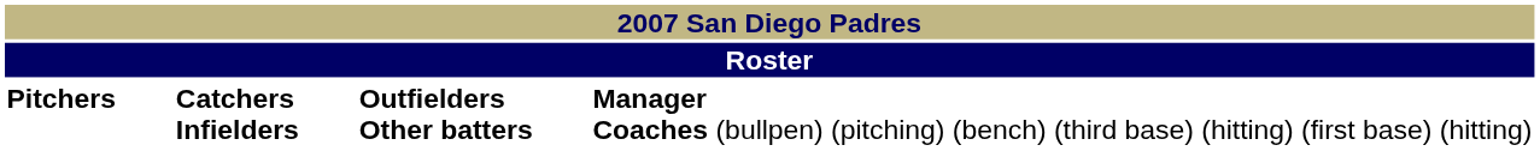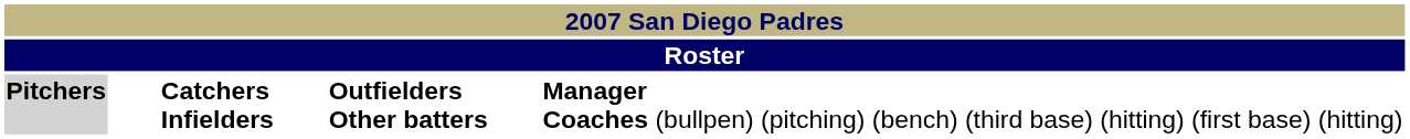 <table class="toccolours" style="font-size: 95%;">
 <tr>
 <th colspan="10" style="background-color: #C1B784; color: #000066; text-align: center;">2007 San Diego Padres</th>
 </tr>
 <tr>
 <td colspan="10" style="background-color: #000066; color: #FFFFFF; text-align: center;"><strong>Roster</strong></td>
 </tr>
 <tr>
-<td valign="top"><strong>Pitchers</strong><br>                    </td>
+<td valign="top" style="background: lightgrey;"><strong>Pitchers</strong><br>                    </td>
 <td width="25px"></td>
 <td valign="top"><strong>Catchers</strong><br>    <strong>Infielders</strong>          </td>
 <td width="25px"></td>
 <td valign="top"><strong>Outfielders</strong><br>           <strong>Other batters</strong>   </td>
 <td width="25px"></td>
 <td valign="top"><strong>Manager</strong><br> <strong>Coaches</strong>  (bullpen)  (pitching)  (bench)  (third base)  (hitting)  (first base)  (hitting)</td>
 </tr>
 </table>
